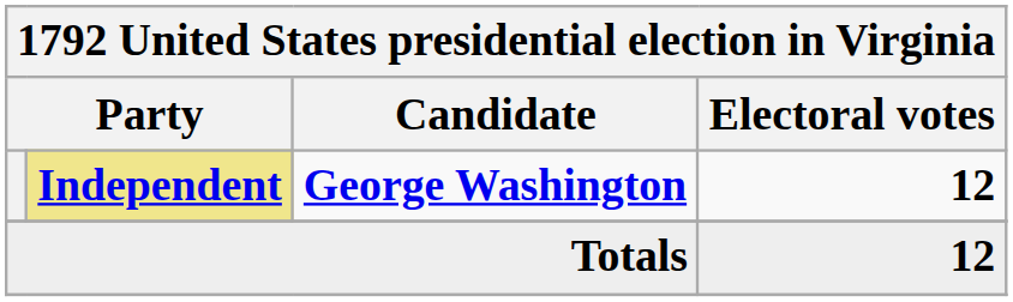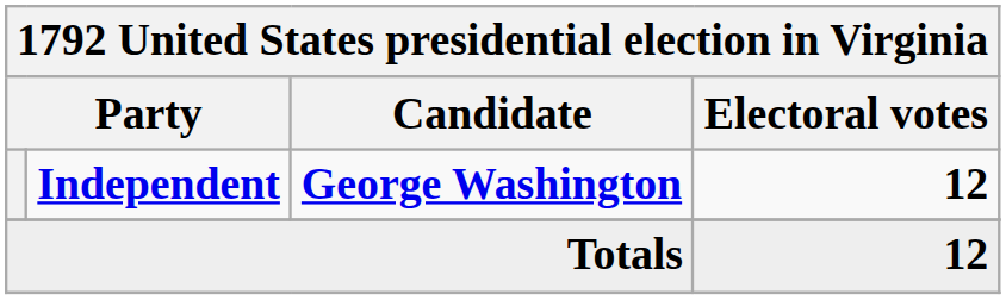 <table class="wikitable">
 <tr>
 <th colspan="4">1792 United States presidential election in Virginia</th>
 </tr>
 <tr>
 <th colspan="2">Party</th>
 <th>Candidate</th>
 <th>Electoral votes</th>
 </tr>
 <tr>
 <th></th>
-<td style="background: khaki;"><a href='#'><strong>Independent</strong></a></td>
+<td><a href='#'><strong>Independent</strong></a></td>
 <td><strong><a href='#'>George Washington</a></strong></td>
 <td align="right"><strong>12</strong></td>
 </tr>
 <tr>
 </tr>
 <tr bgcolor="#EEEEEE">
 <td colspan="3" align="right"><strong>Totals</strong></td>
 <td align="right"><strong>12</strong></td>
 </tr>
 <tr>
 </tr>
 </table>
